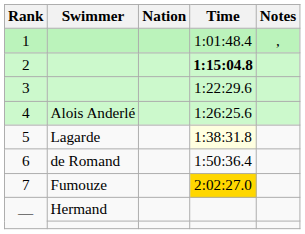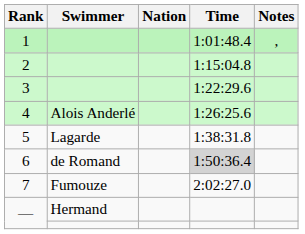 <table class="wikitable sortable" style="text-align:center">
 <tr>
 <th>Rank</th>
 <th>Swimmer</th>
 <th>Nation</th>
 <th>Time</th>
 <th>Notes</th>
 </tr>
 <tr style="background:#bbf3bb;">
 <td>1</td>
 <td align=left></td>
 <td align=left></td>
 <td>1:01:48.4</td>
 <td>, </td>
 </tr>
 <tr style="background:#ccf9cc;">
 <td>2</td>
 <td align=left></td>
 <td align=left></td>
-<td><strong>1:15:04.8</strong></td>
+<td>1:15:04.8</td>
 <td></td>
 </tr>
 <tr style="background:#ccf9cc;">
 <td>3</td>
 <td align=left></td>
 <td align=left></td>
 <td>1:22:29.6</td>
 <td></td>
 </tr>
 <tr style="background:#ccf9cc;">
 <td>4</td>
 <td align=left>Alois Anderlé</td>
 <td align=left></td>
 <td>1:26:25.6</td>
 <td></td>
 </tr>
 <tr>
 <td>5</td>
 <td align=left>Lagarde</td>
 <td align=left></td>
-<td style="background: lightyellow;">1:38:31.8</td>
+<td>1:38:31.8</td>
 <td></td>
 </tr>
 <tr>
 <td>6</td>
 <td align=left>de Romand</td>
 <td align=left></td>
-<td>1:50:36.4</td>
+<td style="background: lightgrey;">1:50:36.4</td>
 <td></td>
 </tr>
 <tr>
 <td>7</td>
 <td align=left>Fumouze</td>
 <td align=left></td>
-<td style="background: gold;">2:02:27.0</td>
+<td>2:02:27.0</td>
 <td></td>
 </tr>
 <tr>
 <td rowspan=2 data-sort-value=8>—</td>
 <td align=left>Hermand</td>
 <td align=left></td>
 <td></td>
 <td></td>
 </tr>
 <tr>
 <td align=left></td>
 <td align=left></td>
 <td></td>
 <td></td>
 </tr>
 </table>
